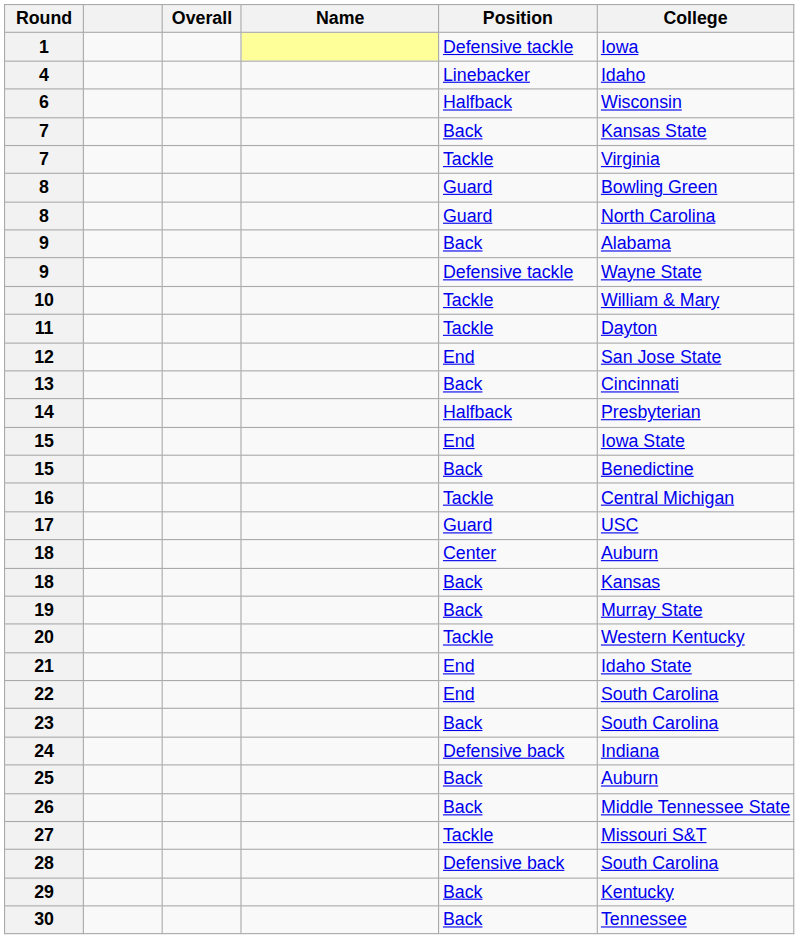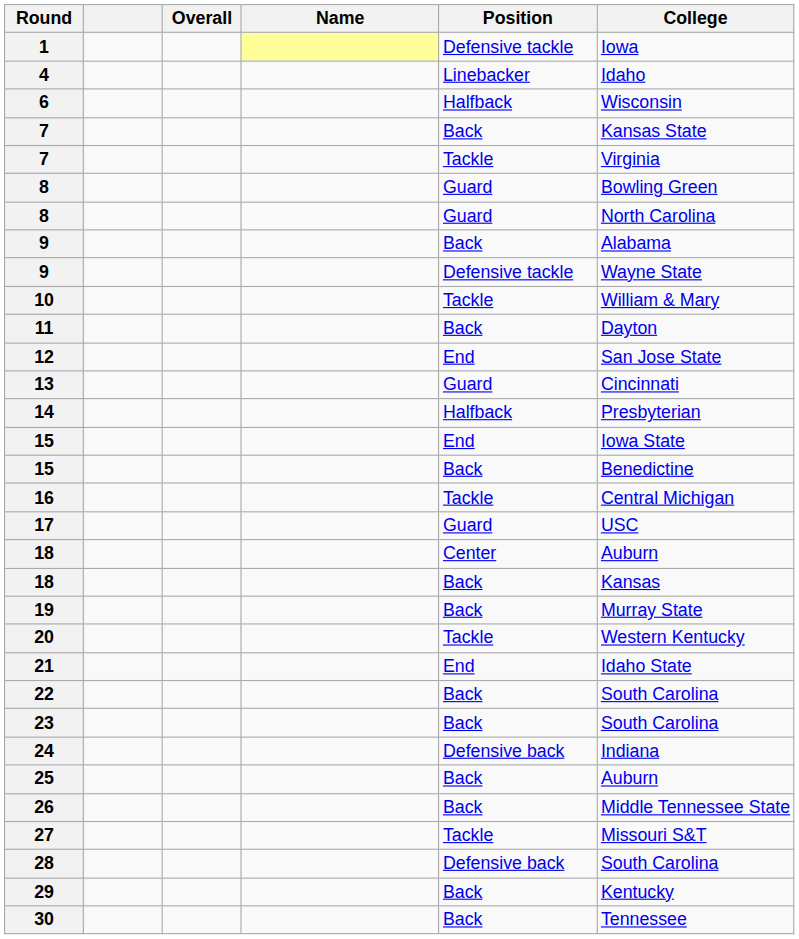 <table class="wikitable sortable">
 <tr>
 <th scope="col" style="width: 10%;">Round</th>
 <th scope="col" style="width: 10%;"></th>
 <th scope="col" style="width: 10%;">Overall</th>
 <th scope="col" style="width: 25%;">Name</th>
 <th scope="col" style="width: 20%;">Position</th>
 <th scope="col" style="width: 25%;">College</th>
 </tr>
 <tr>
 <th scope="row">1</th>
 <td></td>
 <td></td>
 <td style="background-color: #FFFF99;"> </td>
 <td><a href='#'>Defensive tackle</a></td>
 <td><a href='#'>Iowa</a></td>
 </tr>
 <tr>
 <th scope="row">4</th>
 <td></td>
 <td></td>
 <td></td>
 <td><a href='#'>Linebacker</a></td>
 <td><a href='#'>Idaho</a></td>
 </tr>
 <tr>
 <th scope="row">6</th>
 <td></td>
 <td></td>
 <td></td>
 <td><a href='#'>Halfback</a></td>
 <td><a href='#'>Wisconsin</a></td>
 </tr>
 <tr>
 <th scope="row">7</th>
 <td></td>
 <td></td>
 <td></td>
 <td><a href='#'>Back</a></td>
 <td><a href='#'>Kansas State</a></td>
 </tr>
 <tr>
 <th scope="row">7</th>
 <td></td>
 <td></td>
 <td></td>
 <td><a href='#'>Tackle</a></td>
 <td><a href='#'>Virginia</a></td>
 </tr>
 <tr>
 <th scope="row">8</th>
 <td></td>
 <td></td>
 <td></td>
 <td><a href='#'>Guard</a></td>
 <td><a href='#'>Bowling Green</a></td>
 </tr>
 <tr>
 <th scope="row">8</th>
 <td></td>
 <td></td>
 <td></td>
 <td><a href='#'>Guard</a></td>
 <td><a href='#'>North Carolina</a></td>
 </tr>
 <tr>
 <th scope="row">9</th>
 <td></td>
 <td></td>
 <td></td>
 <td><a href='#'>Back</a></td>
 <td><a href='#'>Alabama</a></td>
 </tr>
 <tr>
 <th scope="row">9</th>
 <td></td>
 <td></td>
 <td></td>
 <td><a href='#'>Defensive tackle</a></td>
 <td><a href='#'>Wayne State</a></td>
 </tr>
 <tr>
 <th scope="row">10</th>
 <td></td>
 <td></td>
 <td></td>
 <td><a href='#'>Tackle</a></td>
 <td><a href='#'>William & Mary</a></td>
 </tr>
 <tr>
 <th scope="row">11</th>
 <td></td>
 <td></td>
 <td></td>
-<td><a href='#'>Tackle</a></td>
+<td><a href='#'>Back</a></td>
 <td><a href='#'>Dayton</a></td>
 </tr>
 <tr>
 <th scope="row">12</th>
 <td></td>
 <td></td>
 <td></td>
 <td><a href='#'>End</a></td>
 <td><a href='#'>San Jose State</a></td>
 </tr>
 <tr>
 <th scope="row">13</th>
 <td></td>
 <td></td>
 <td></td>
-<td><a href='#'>Back</a></td>
+<td><a href='#'>Guard</a></td>
 <td><a href='#'>Cincinnati</a></td>
 </tr>
 <tr>
 <th scope="row">14</th>
 <td></td>
 <td></td>
 <td></td>
 <td><a href='#'>Halfback</a></td>
 <td><a href='#'>Presbyterian</a></td>
 </tr>
 <tr>
 <th scope="row">15</th>
 <td></td>
 <td></td>
 <td></td>
 <td><a href='#'>End</a></td>
 <td><a href='#'>Iowa State</a></td>
 </tr>
 <tr>
 <th scope="row">15</th>
 <td></td>
 <td></td>
 <td></td>
 <td><a href='#'>Back</a></td>
 <td><a href='#'>Benedictine</a></td>
 </tr>
 <tr>
 <th scope="row">16</th>
 <td></td>
 <td></td>
 <td></td>
 <td><a href='#'>Tackle</a></td>
 <td><a href='#'>Central Michigan</a></td>
 </tr>
 <tr>
 <th scope="row">17</th>
 <td></td>
 <td></td>
 <td></td>
 <td><a href='#'>Guard</a></td>
 <td><a href='#'>USC</a></td>
 </tr>
 <tr>
 <th scope="row">18</th>
 <td></td>
 <td></td>
 <td></td>
 <td><a href='#'>Center</a></td>
 <td><a href='#'>Auburn</a></td>
 </tr>
 <tr>
 <th scope="row">18</th>
 <td></td>
 <td></td>
 <td></td>
 <td><a href='#'>Back</a></td>
 <td><a href='#'>Kansas</a></td>
 </tr>
 <tr>
 <th scope="row">19</th>
 <td></td>
 <td></td>
 <td></td>
 <td><a href='#'>Back</a></td>
 <td><a href='#'>Murray State</a></td>
 </tr>
 <tr>
 <th scope="row">20</th>
 <td></td>
 <td></td>
 <td></td>
 <td><a href='#'>Tackle</a></td>
 <td><a href='#'>Western Kentucky</a></td>
 </tr>
 <tr>
 <th scope="row">21</th>
 <td></td>
 <td></td>
 <td></td>
 <td><a href='#'>End</a></td>
 <td><a href='#'>Idaho State</a></td>
 </tr>
 <tr>
 <th scope="row">22</th>
 <td></td>
 <td></td>
 <td></td>
-<td><a href='#'>End</a></td>
+<td><a href='#'>Back</a></td>
 <td><a href='#'>South Carolina</a></td>
 </tr>
 <tr>
 <th scope="row">23</th>
 <td></td>
 <td></td>
 <td></td>
 <td><a href='#'>Back</a></td>
 <td><a href='#'>South Carolina</a></td>
 </tr>
 <tr>
 <th scope="row">24</th>
 <td></td>
 <td></td>
 <td></td>
 <td><a href='#'>Defensive back</a></td>
 <td><a href='#'>Indiana</a></td>
 </tr>
 <tr>
 <th scope="row">25</th>
 <td></td>
 <td></td>
 <td></td>
 <td><a href='#'>Back</a></td>
 <td><a href='#'>Auburn</a></td>
 </tr>
 <tr>
 <th scope="row">26</th>
 <td></td>
 <td></td>
 <td></td>
 <td><a href='#'>Back</a></td>
 <td><a href='#'>Middle Tennessee State</a></td>
 </tr>
 <tr>
 <th scope="row">27</th>
 <td></td>
 <td></td>
 <td></td>
 <td><a href='#'>Tackle</a></td>
 <td><a href='#'>Missouri S&T</a></td>
 </tr>
 <tr>
 <th scope="row">28</th>
 <td></td>
 <td></td>
 <td></td>
 <td><a href='#'>Defensive back</a></td>
 <td><a href='#'>South Carolina</a></td>
 </tr>
 <tr>
 <th scope="row">29</th>
 <td></td>
 <td></td>
 <td></td>
 <td><a href='#'>Back</a></td>
 <td><a href='#'>Kentucky</a></td>
 </tr>
 <tr>
 <th scope="row">30</th>
 <td></td>
 <td></td>
 <td></td>
 <td><a href='#'>Back</a></td>
 <td><a href='#'>Tennessee</a></td>
 </tr>
 </table>
